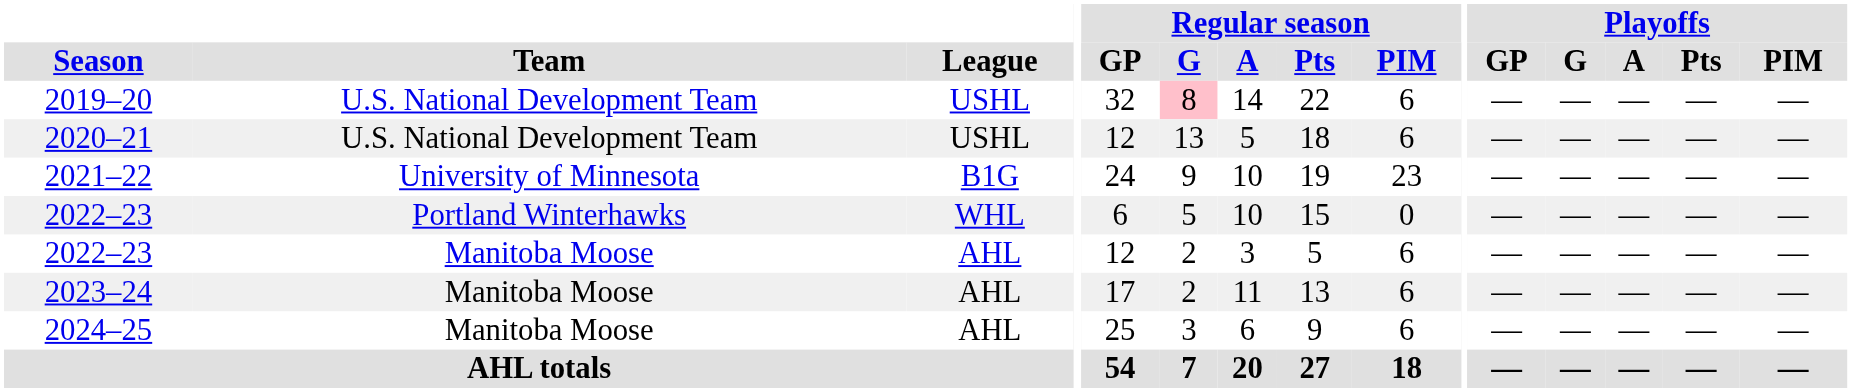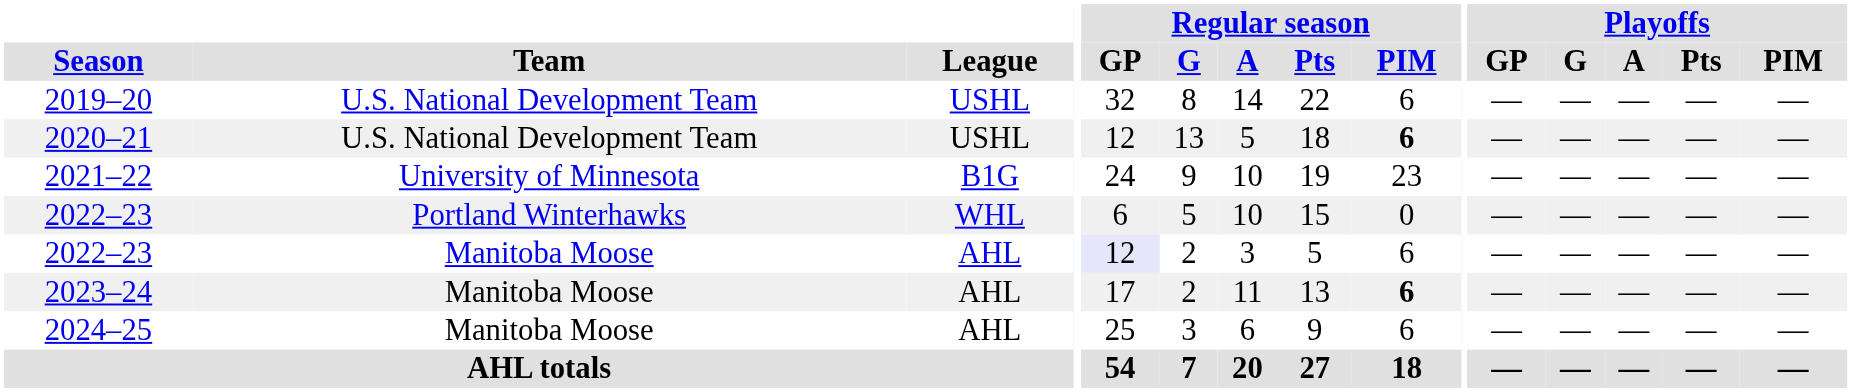 <table border="0" cellpadding="1" cellspacing="0" style="text-align:center; width:60em">
 <tr bgcolor="#e0e0e0">
 <th colspan="3" bgcolor="#ffffff"></th>
 <th rowspan="101" bgcolor="#ffffff"></th>
 <th colspan="5"><a href='#'>Regular season</a></th>
 <th rowspan="101" bgcolor="#ffffff"></th>
 <th colspan="5"><a href='#'>Playoffs</a></th>
 </tr>
 <tr bgcolor="#e0e0e0">
 <th><a href='#'>Season</a></th>
 <th>Team</th>
 <th>League</th>
 <th>GP</th>
 <th><a href='#'>G</a></th>
 <th><a href='#'>A</a></th>
 <th><a href='#'>Pts</a></th>
 <th><a href='#'>PIM</a></th>
 <th>GP</th>
 <th>G</th>
 <th>A</th>
 <th>Pts</th>
 <th>PIM</th>
 </tr>
 <tr>
 <td><a href='#'>2019–20</a></td>
 <td><a href='#'>U.S. National Development Team</a></td>
 <td><a href='#'>USHL</a></td>
 <td>32</td>
-<td style="background: pink;">8</td>
+<td>8</td>
 <td>14</td>
 <td>22</td>
 <td>6</td>
 <td>—</td>
 <td>—</td>
 <td>—</td>
 <td>—</td>
 <td>—</td>
 </tr>
 <tr bgcolor="#f0f0f0">
 <td><a href='#'>2020–21</a></td>
 <td>U.S. National Development Team</td>
 <td>USHL</td>
 <td>12</td>
 <td>13</td>
 <td>5</td>
 <td>18</td>
-<td>6</td>
+<td><strong>6</strong></td>
 <td>—</td>
 <td>—</td>
 <td>—</td>
 <td>—</td>
 <td>—</td>
 </tr>
 <tr>
 <td><a href='#'>2021–22</a></td>
 <td><a href='#'>University of Minnesota</a></td>
 <td><a href='#'>B1G</a></td>
 <td>24</td>
 <td>9</td>
 <td>10</td>
 <td>19</td>
 <td>23</td>
 <td>—</td>
 <td>—</td>
 <td>—</td>
 <td>—</td>
 <td>—</td>
 </tr>
 <tr bgcolor="#f0f0f0">
 <td><a href='#'>2022–23</a></td>
 <td><a href='#'>Portland Winterhawks</a></td>
 <td><a href='#'>WHL</a></td>
 <td>6</td>
 <td>5</td>
 <td>10</td>
 <td>15</td>
 <td>0</td>
 <td>—</td>
 <td>—</td>
 <td>—</td>
 <td>—</td>
 <td>—</td>
 </tr>
 <tr>
 <td><a href='#'>2022–23</a></td>
 <td><a href='#'>Manitoba Moose</a></td>
 <td><a href='#'>AHL</a></td>
-<td>12</td>
+<td style="background: lavender;">12</td>
 <td>2</td>
 <td>3</td>
 <td>5</td>
 <td>6</td>
 <td>—</td>
 <td>—</td>
 <td>—</td>
 <td>—</td>
 <td>—</td>
 </tr>
 <tr bgcolor="#f0f0f0">
 <td><a href='#'>2023–24</a></td>
 <td>Manitoba Moose</td>
 <td>AHL</td>
 <td>17</td>
 <td>2</td>
 <td>11</td>
 <td>13</td>
-<td>6</td>
+<td><strong>6</strong></td>
 <td>—</td>
 <td>—</td>
 <td>—</td>
 <td>—</td>
 <td>—</td>
 </tr>
 <tr>
 <td><a href='#'>2024–25</a></td>
 <td>Manitoba Moose</td>
 <td>AHL</td>
 <td>25</td>
 <td>3</td>
 <td>6</td>
 <td>9</td>
 <td>6</td>
 <td>—</td>
 <td>—</td>
 <td>—</td>
 <td>—</td>
 <td>—</td>
 </tr>
 <tr bgcolor="#e0e0e0">
 <th colspan="3">AHL totals</th>
 <th>54</th>
 <th>7</th>
 <th>20</th>
 <th>27</th>
 <th>18</th>
 <th>—</th>
 <th>—</th>
 <th>—</th>
 <th>—</th>
 <th>—</th>
 </tr>
 </table>
